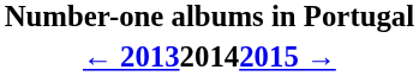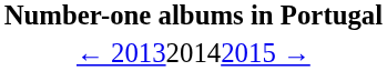 <table class="toc" id="toc" summary="Contents">
 <tr>
 <th>Number-one albums in Portugal</th>
 </tr>
 <tr>
-<td align="center"><strong><a href='#'>← 2013</a>2014<a href='#'>2015 →</a></strong></td>
+<td align="center"><a href='#'>← 2013</a>2014<a href='#'>2015 →</a></td>
 </tr>
 </table>
